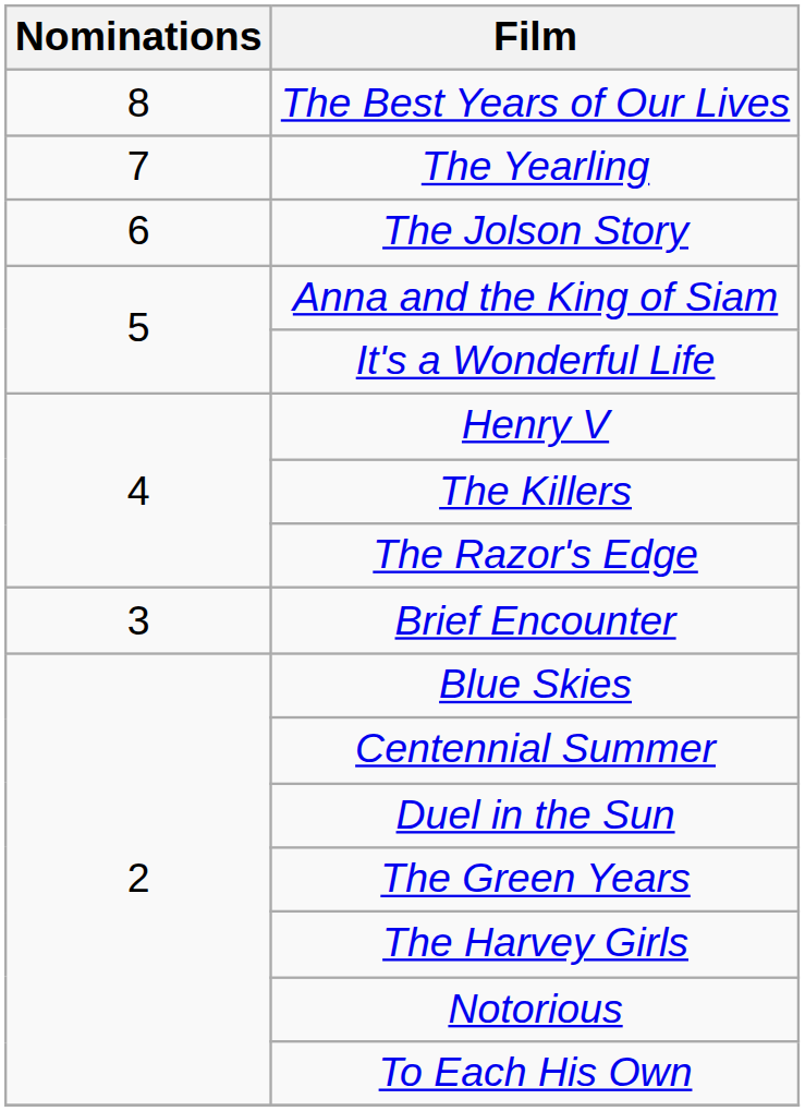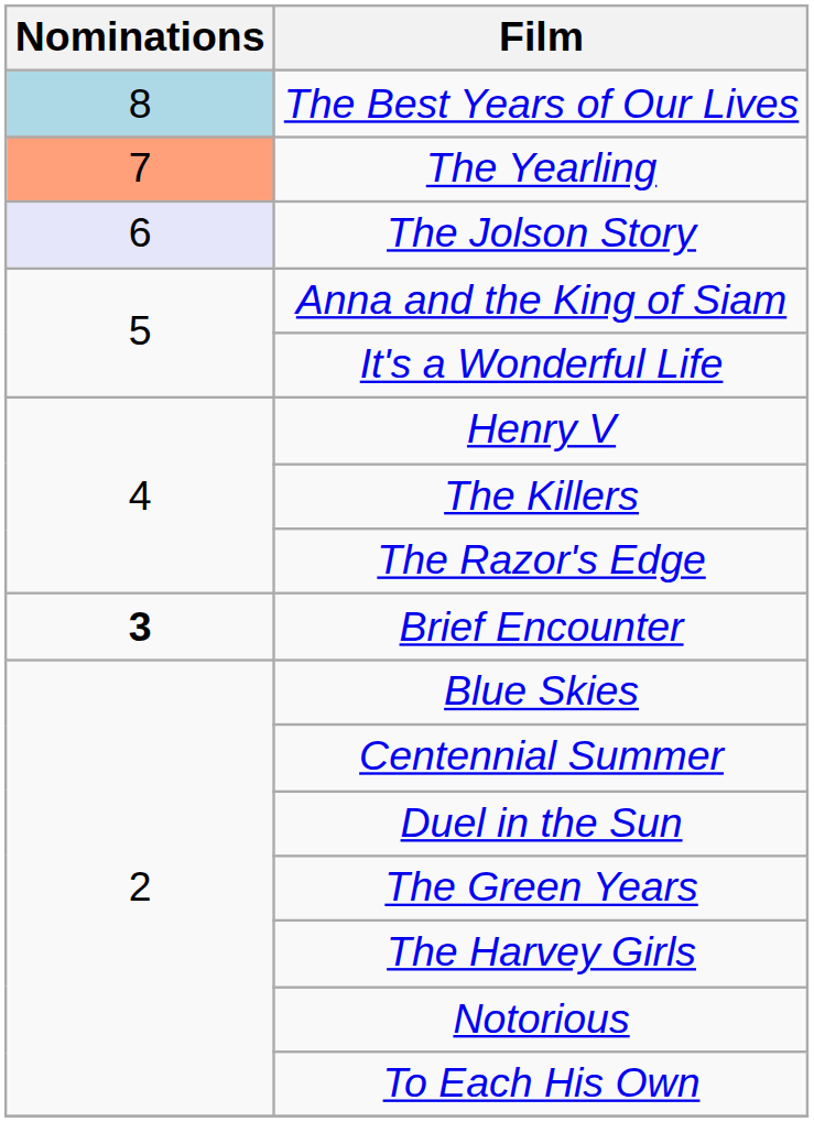 <table class="wikitable" rowspan="2" style="text-align:center;">
 <tr>
 <th scope="col" style="width:55px;">Nominations</th>
 <th scope="col" style="text-align:center;">Film</th>
 </tr>
 <tr>
-<td rowspan="1" style="text-align:center">8</td>
+<td rowspan="1" style="background: lightblue; text-align:center">8</td>
 <td><em><a href='#'>The Best Years of Our Lives</a></em></td>
 </tr>
 <tr>
-<td rowspan="1" style="text-align:center">7</td>
+<td rowspan="1" style="background: lightsalmon; text-align:center">7</td>
 <td><em><a href='#'>The Yearling</a></em></td>
 </tr>
 <tr>
-<td rowspan="1" style="text-align:center">6</td>
+<td rowspan="1" style="background: lavender; text-align:center">6</td>
 <td><em><a href='#'>The Jolson Story</a></em></td>
 </tr>
 <tr>
 <td rowspan="2" style="text-align:center">5</td>
 <td><em><a href='#'>Anna and the King of Siam</a></em></td>
 </tr>
 <tr>
 <td><em><a href='#'>It's a Wonderful Life</a></em></td>
 </tr>
 <tr>
 <td rowspan="3" style="text-align:center">4</td>
 <td><em><a href='#'>Henry V</a></em></td>
 </tr>
 <tr>
 <td><em><a href='#'>The Killers</a></em></td>
 </tr>
 <tr>
 <td><em><a href='#'>The Razor's Edge</a></em></td>
 </tr>
 <tr>
-<td rowspan="1" style="text-align:center">3</td>
+<td rowspan="1" style="text-align:center"><strong>3</strong></td>
 <td><em><a href='#'>Brief Encounter</a></em></td>
 </tr>
 <tr>
 <td rowspan="7" style="text-align:center">2</td>
 <td><em><a href='#'>Blue Skies</a></em></td>
 </tr>
 <tr>
 <td><em><a href='#'>Centennial Summer</a></em></td>
 </tr>
 <tr>
 <td><em><a href='#'>Duel in the Sun</a></em></td>
 </tr>
 <tr>
 <td><em><a href='#'>The Green Years</a></em></td>
 </tr>
 <tr>
 <td><em><a href='#'>The Harvey Girls</a></em></td>
 </tr>
 <tr>
 <td><em><a href='#'>Notorious</a></em></td>
 </tr>
 <tr>
 <td><em><a href='#'>To Each His Own</a></em></td>
 </tr>
 <tr>
 </tr>
 </table>
